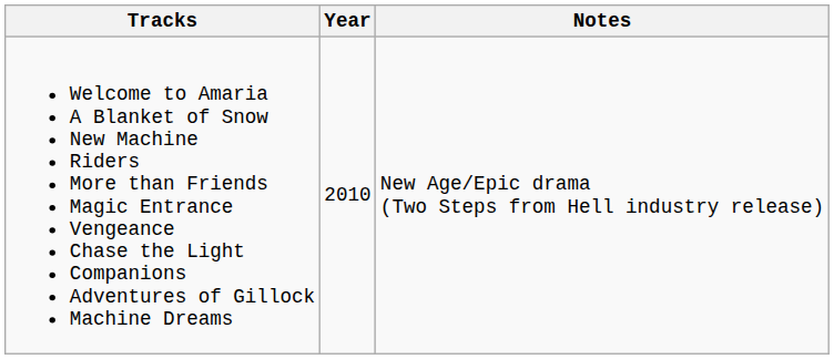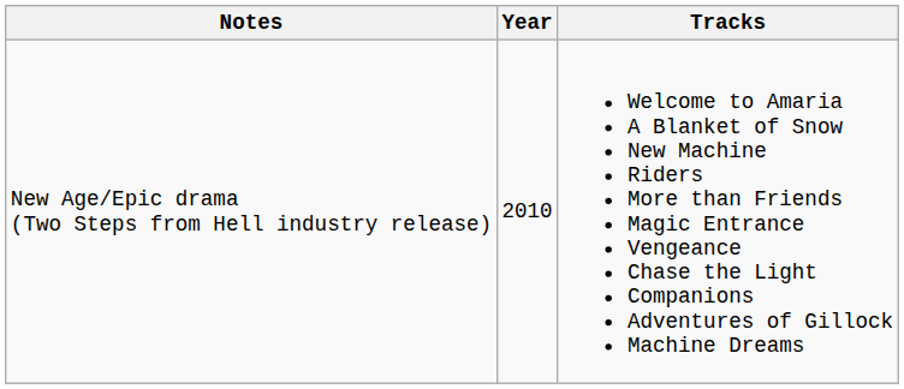 <table class="wikitable sortable">
 <tr>
+<th>Notes</th>
+<th>Year</th>
 <th>Tracks</th>
-<th>Year</th>
-<th>Notes</th>
 </tr>
 <tr>
+<td>New Age/Epic drama<br>(Two Steps from Hell industry release)</td>
+<td>2010</td>
 <td><br><ul><li>Welcome to Amaria</li><li>A Blanket of Snow</li><li>New Machine</li><li>Riders</li><li>More than Friends</li><li>Magic Entrance</li><li>Vengeance</li><li>Chase the Light</li><li>Companions</li><li>Adventures of Gillock</li><li>Machine Dreams</li></ul></td>
-<td>2010</td>
-<td>New Age/Epic drama<br>(Two Steps from Hell industry release)</td>
 </tr>
 </table>
